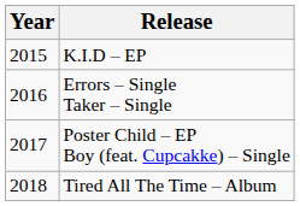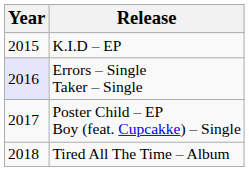 <table class="wikitable">
 <tr>
 <th><big>Year</big></th>
 <th><big>Release</big></th>
 </tr>
 <tr>
 <td>2015</td>
 <td>K.I.D – EP</td>
 </tr>
 <tr>
-<td>2016</td>
+<td style="background: lavender;">2016</td>
 <td>Errors – Single<br>Taker – Single</td>
 </tr>
 <tr>
 <td>2017</td>
 <td>Poster Child – EP<br>Boy (feat. <a href='#'>Cupcakke</a>) – Single</td>
 </tr>
 <tr>
 <td>2018</td>
 <td>Tired All The Time – Album</td>
 </tr>
 </table>
